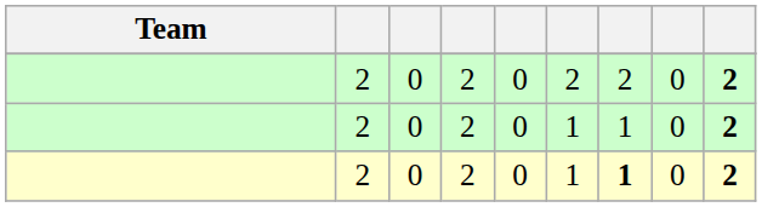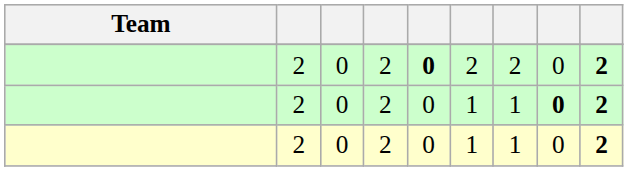 <table class="wikitable" style="text-align: center;">
 <tr>
 <th width=165>Team</th>
 <th width=20></th>
 <th width=20></th>
 <th width=20></th>
 <th width=20></th>
 <th width=20></th>
 <th width=20></th>
 <th width=20></th>
 <th width=20></th>
 </tr>
 <tr>
 </tr>
 <tr style="background:#cfc;">
 <td align=left></td>
 <td>2</td>
 <td>0</td>
 <td>2</td>
-<td>0</td>
+<td><strong>0</strong></td>
 <td>2</td>
 <td>2</td>
 <td>0</td>
 <td><strong>2</strong></td>
 </tr>
 <tr style="background:#cfc;">
 <td align=left></td>
 <td>2</td>
 <td>0</td>
 <td>2</td>
 <td>0</td>
 <td>1</td>
 <td>1</td>
-<td>0</td>
+<td><strong>0</strong></td>
 <td><strong>2</strong></td>
 </tr>
 <tr style="background:#ffc;">
 <td align=left></td>
 <td>2</td>
 <td>0</td>
 <td>2</td>
 <td>0</td>
 <td>1</td>
-<td><strong>1</strong></td>
+<td>1</td>
 <td>0</td>
 <td><strong>2</strong></td>
 </tr>
 </table>
